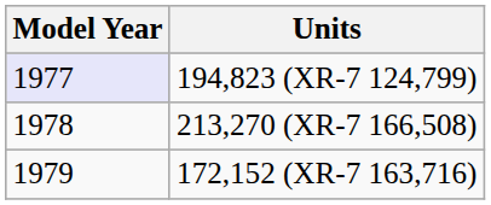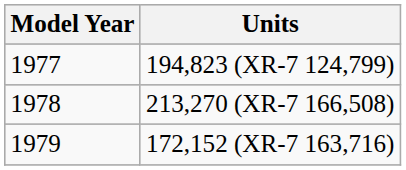 <table class="wikitable">
 <tr>
 <th>Model Year</th>
 <th>Units</th>
 </tr>
 <tr>
-<td style="background: lavender;">1977</td>
+<td>1977</td>
 <td>194,823 (XR-7 124,799)</td>
 </tr>
 <tr>
 <td>1978</td>
 <td>213,270 (XR-7 166,508)</td>
 </tr>
 <tr>
 <td>1979</td>
 <td>172,152 (XR-7 163,716)</td>
 </tr>
 </table>
